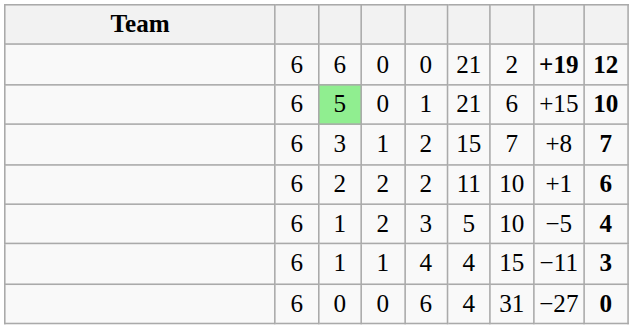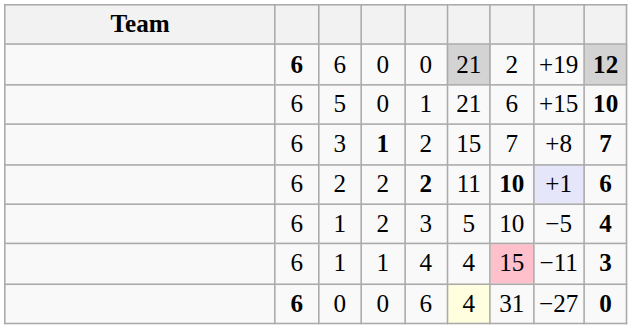 <table class="wikitable" style="text-align:center">
 <tr>
 <th width=165>Team</th>
 <th width=20></th>
 <th width=20></th>
 <th width=20></th>
 <th width=20></th>
 <th width=20></th>
 <th width=20></th>
 <th width=20></th>
 <th width=20></th>
 </tr>
 <tr align=center>
 <td align=left></td>
-<td>6</td>
+<td><strong>6</strong></td>
 <td>6</td>
 <td>0</td>
 <td>0</td>
-<td>21</td>
+<td style="background: lightgrey;">21</td>
 <td>2</td>
-<td><strong>+19</strong></td>
-<td><strong>12</strong></td>
+<td>+19</td>
+<td style="background: lightgrey;"><strong>12</strong></td>
 </tr>
 <tr align=center>
 <td align=left></td>
 <td>6</td>
-<td style="background: lightgreen;">5</td>
+<td>5</td>
 <td>0</td>
 <td>1</td>
 <td>21</td>
 <td>6</td>
 <td>+15</td>
 <td><strong>10</strong></td>
 </tr>
 <tr align=center>
 <td align=left></td>
 <td>6</td>
 <td>3</td>
-<td>1</td>
+<td><strong>1</strong></td>
 <td>2</td>
 <td>15</td>
 <td>7</td>
 <td>+8</td>
 <td><strong>7</strong></td>
 </tr>
 <tr align=center>
 <td align=left></td>
 <td>6</td>
 <td>2</td>
 <td>2</td>
-<td>2</td>
+<td><strong>2</strong></td>
 <td>11</td>
-<td>10</td>
-<td>+1</td>
+<td><strong>10</strong></td>
+<td style="background: lavender;">+1</td>
 <td><strong>6</strong></td>
 </tr>
 <tr align=center>
 <td align=left></td>
 <td>6</td>
 <td>1</td>
 <td>2</td>
 <td>3</td>
 <td>5</td>
 <td>10</td>
 <td>−5</td>
 <td><strong>4</strong></td>
 </tr>
 <tr align=center>
 <td align=left></td>
 <td>6</td>
 <td>1</td>
 <td>1</td>
 <td>4</td>
 <td>4</td>
-<td>15</td>
+<td style="background: pink;">15</td>
 <td>−11</td>
 <td><strong>3</strong></td>
 </tr>
 <tr align=center>
 <td align=left></td>
-<td>6</td>
+<td><strong>6</strong></td>
 <td>0</td>
 <td>0</td>
 <td>6</td>
-<td>4</td>
+<td style="background: lightyellow;">4</td>
 <td>31</td>
 <td>−27</td>
 <td><strong>0</strong></td>
 </tr>
 </table>
